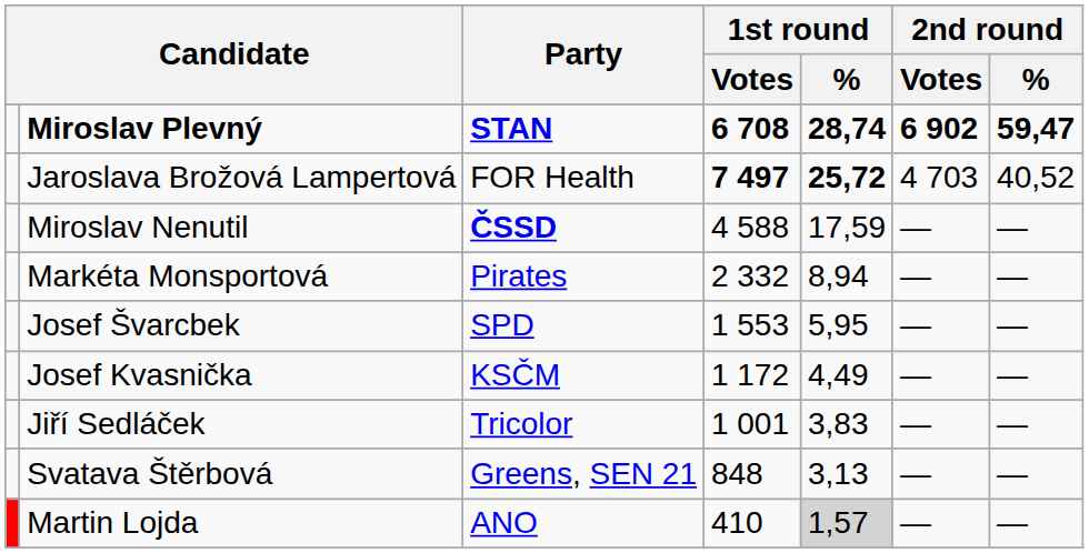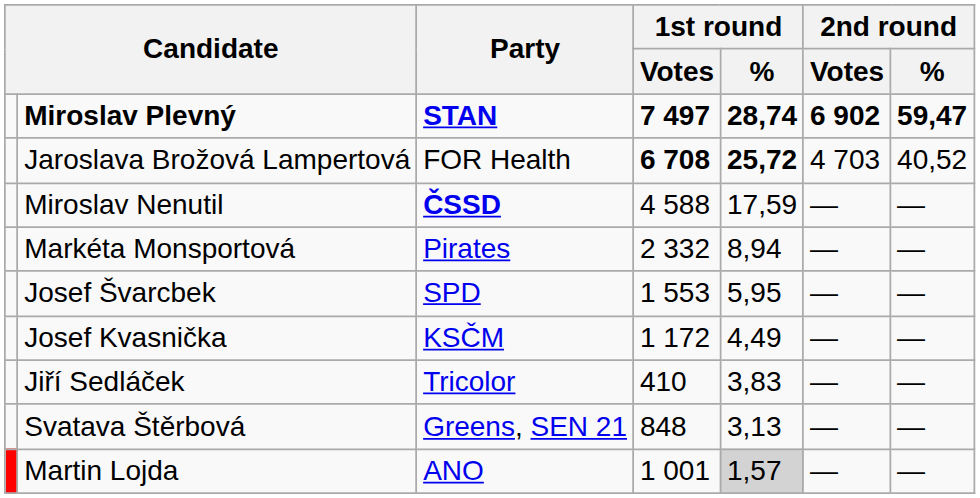 <table class="wikitable sortable">
 <tr>
 <th colspan="2" rowspan="2">Candidate</th>
 <th rowspan="2">Party</th>
 <th colspan="2">1st round</th>
 <th colspan="2">2nd round</th>
 </tr>
 <tr>
 <th>Votes</th>
 <th>%</th>
 <th>Votes</th>
 <th>%</th>
 </tr>
 <tr>
 <td style="background-color:"></td>
 <td><strong>Miroslav Plevný</strong></td>
 <td><a href='#'><strong>STAN</strong></a></td>
-<td><strong>6 708</strong></td>
+<td><strong>7 497</strong></td>
 <td><strong>28,74</strong></td>
 <td><strong>6 902</strong></td>
 <td><strong>59,47</strong></td>
 </tr>
 <tr>
 <td style="background-color:"></td>
 <td>Jaroslava Brožová Lampertová</td>
 <td>FOR Health</td>
-<td><strong>7 497</strong></td>
+<td><strong>6 708</strong></td>
 <td><strong>25,72</strong></td>
 <td>4 703</td>
 <td>40,52</td>
 </tr>
 <tr>
 <td style="background-color:"></td>
 <td>Miroslav Nenutil</td>
 <td><strong><a href='#'>ČSSD</a></strong></td>
 <td>4 588</td>
 <td>17,59</td>
 <td>—</td>
 <td>—</td>
 </tr>
 <tr>
 <td style="background-color:"></td>
 <td>Markéta Monsportová</td>
 <td><a href='#'>Pirates</a></td>
 <td>2 332</td>
 <td>8,94</td>
 <td>—</td>
 <td>—</td>
 </tr>
 <tr>
 <td style="background-color:"></td>
 <td>Josef Švarcbek</td>
 <td><a href='#'>SPD</a></td>
 <td>1 553</td>
 <td>5,95</td>
 <td>—</td>
 <td>—</td>
 </tr>
 <tr>
 <td style="background-color:"></td>
 <td>Josef Kvasnička</td>
 <td><a href='#'>KSČM</a></td>
 <td>1 172</td>
 <td>4,49</td>
 <td>—</td>
 <td>—</td>
 </tr>
 <tr>
 <td style="background-color:"></td>
 <td>Jiří Sedláček</td>
 <td><a href='#'>Tricolor</a></td>
-<td>1 001</td>
+<td>410</td>
 <td>3,83</td>
 <td>—</td>
 <td>—</td>
 </tr>
 <tr>
 <td style="background-color:"></td>
 <td>Svatava Štěrbová</td>
 <td><a href='#'>Greens</a>, <a href='#'>SEN 21</a></td>
 <td>848</td>
 <td>3,13</td>
 <td>—</td>
 <td>—</td>
 </tr>
 <tr>
 <td style="background-color:red"></td>
 <td>Martin Lojda</td>
 <td><a href='#'>ANO</a></td>
-<td>410</td>
+<td>1 001</td>
 <td style="background: lightgrey;">1,57</td>
 <td>—</td>
 <td>—</td>
 </tr>
 </table>
